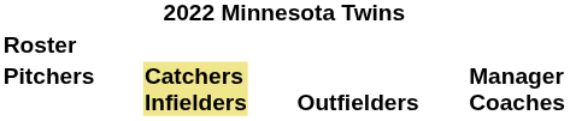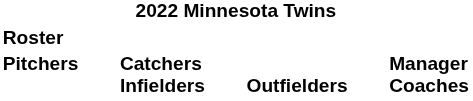 <table class="toccolours" style="font-size: 95%;">
 <tr>
 <th colspan="10">2022 Minnesota Twins</th>
 </tr>
 <tr>
 <td colspan="10"><strong>Roster</strong></td>
 </tr>
 <tr>
 <td valign="top"><strong>Pitchers</strong><br>                                   </td>
 <td style="width:25px;"></td>
-<td valign="top" style="background: khaki;"><strong>Catchers</strong><br>     <strong>Infielders</strong>        </td>
+<td valign="top"><strong>Catchers</strong><br>     <strong>Infielders</strong>        </td>
 <td style="width:25px;"></td>
 <td valign="top"><br><strong>Outfielders</strong>            </td>
 <td style="width:25px;"></td>
 <td valign="top"><strong>Manager</strong><br> <strong>Coaches</strong>                      </td>
 </tr>
 </table>
